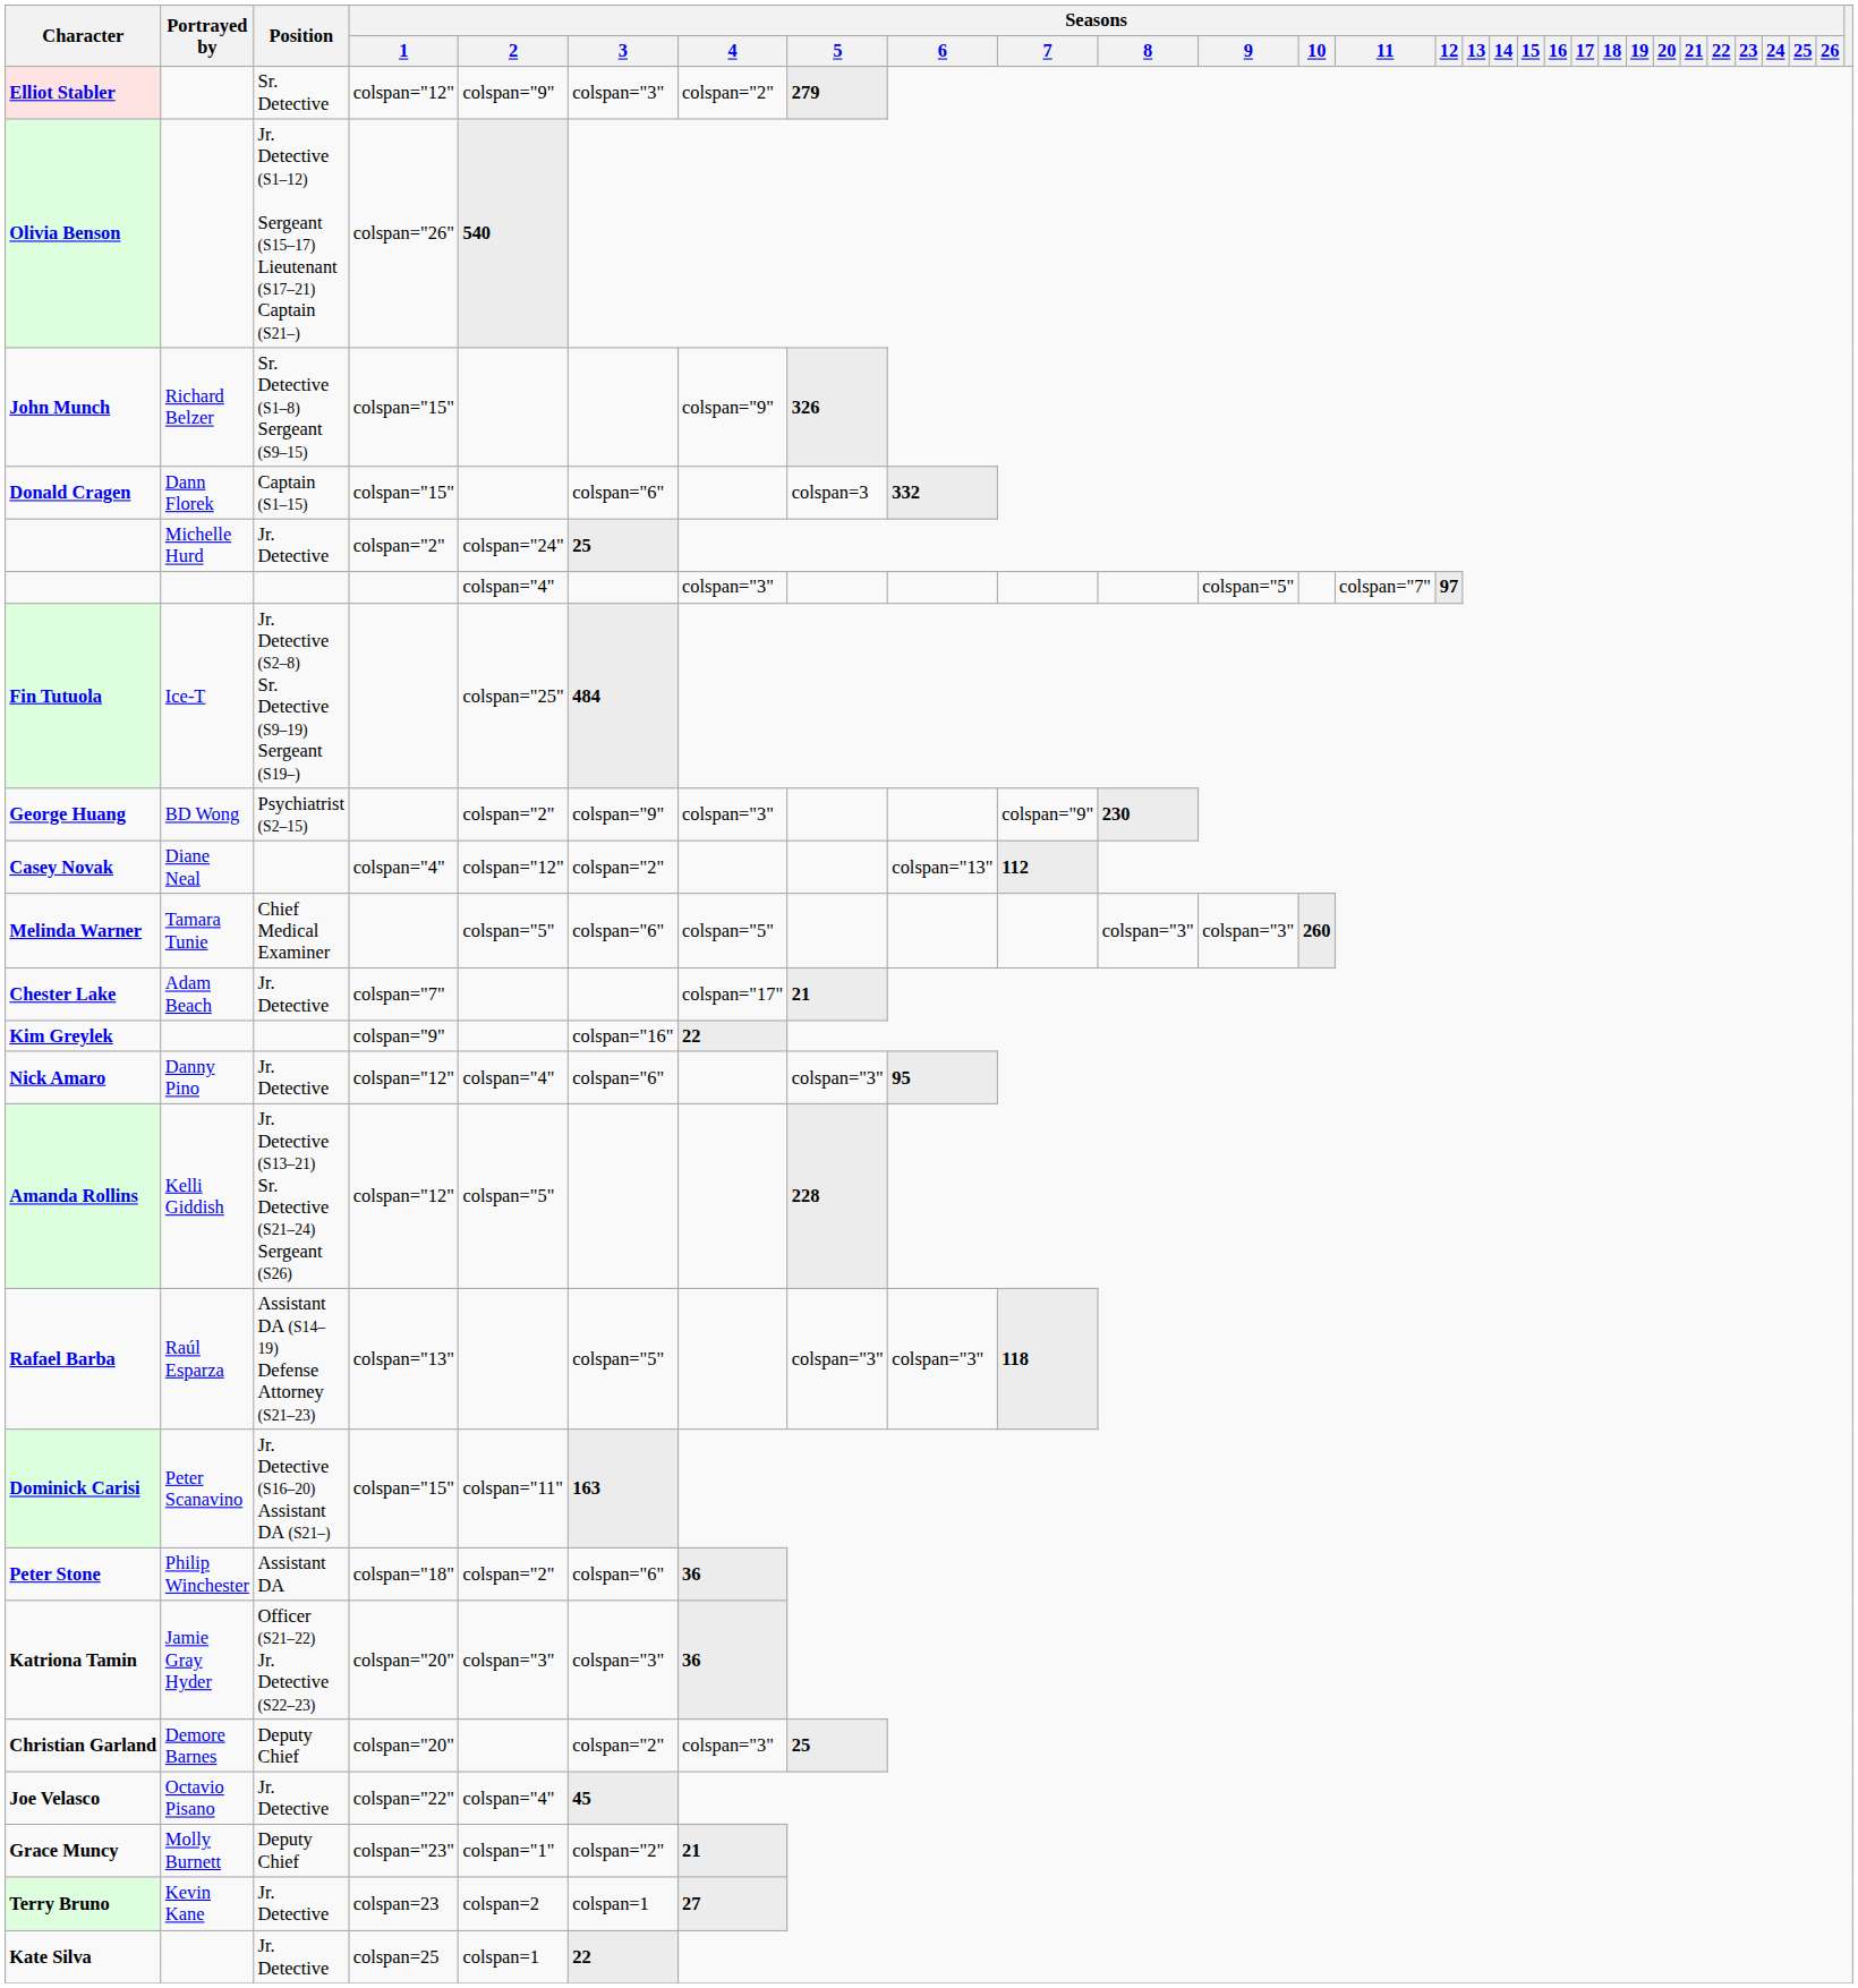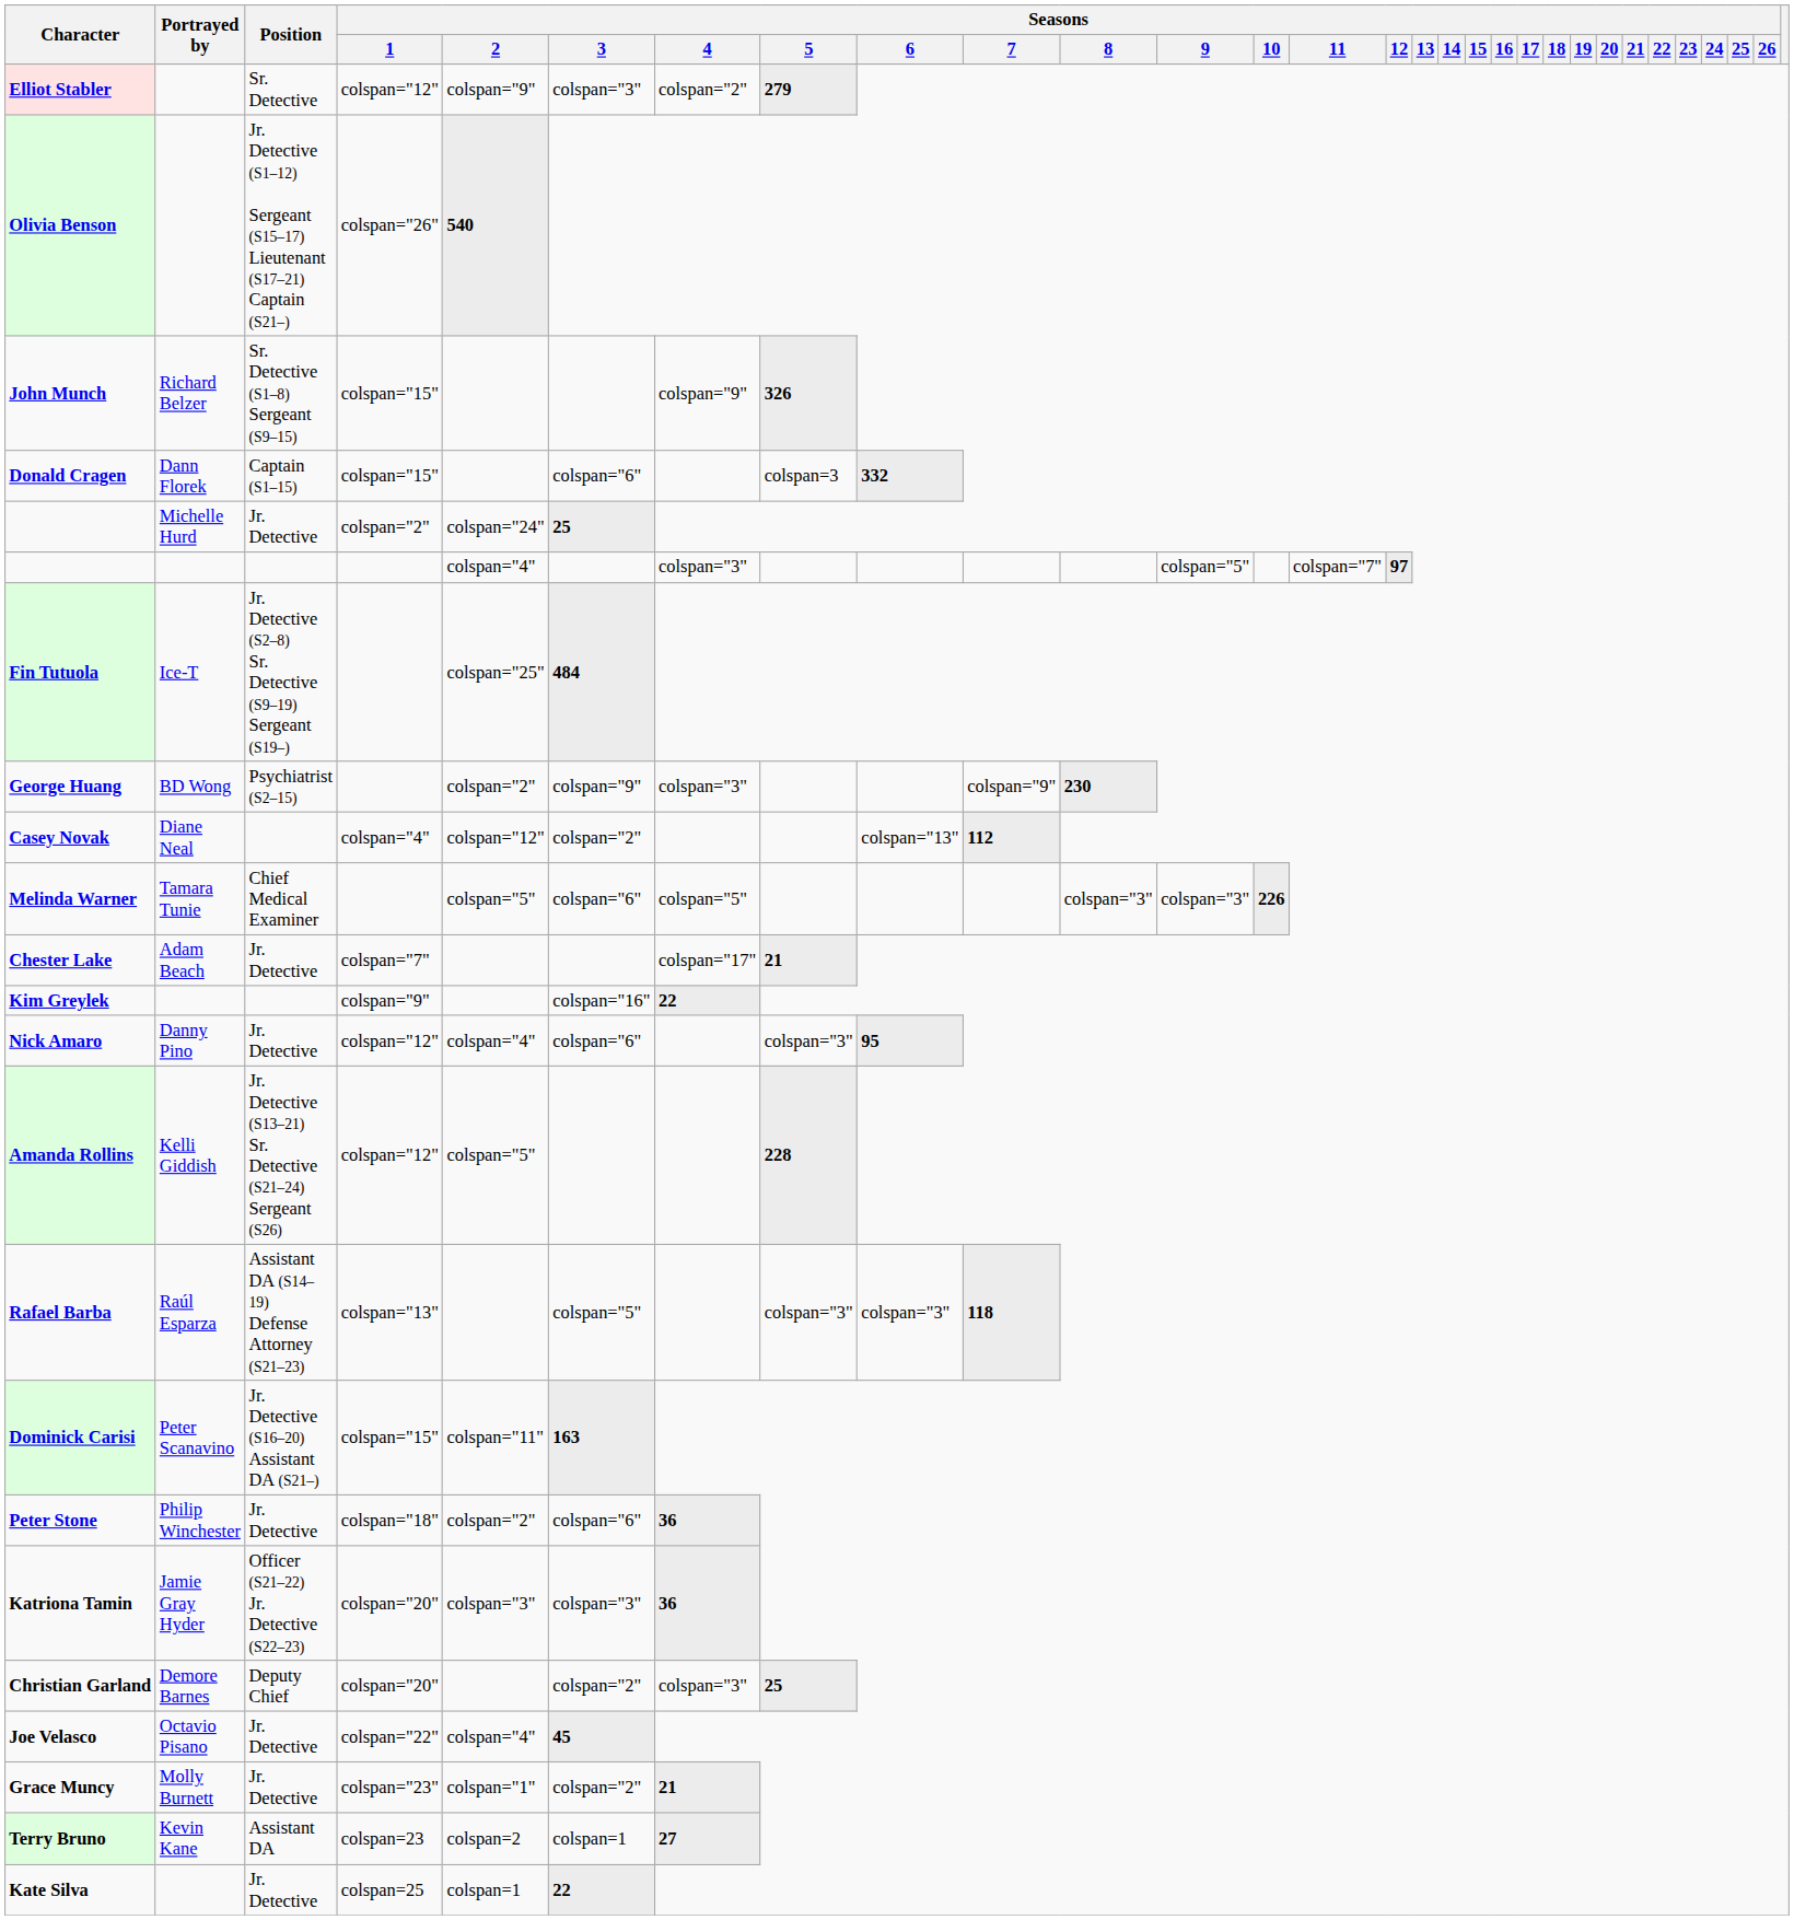 <table class="wikitable sortable" style="font-size:95%;">
 <tr>
 <th class="unsortable" rowspan="2">Character</th>
 <th class="unsortable" rowspan="2">Portrayed by</th>
 <th class="unsortable" rowspan="2">Position</th>
 <th rowspan="1" colspan="26">Seasons</th>
 <th rowspan="2" style="width:5%;"></th>
 </tr>
 <tr>
 <th ! class="unsortable" style="width:2.5%;"><a href='#'>1</a></th>
 <th class="unsortable" style="width:2.5%;"><a href='#'>2</a></th>
 <th class="unsortable" style="width:2.5%;"><a href='#'>3</a></th>
 <th class="unsortable" style="width:2.5%;"><a href='#'>4</a></th>
 <th class="unsortable" style="width:2.5%;"><a href='#'>5</a></th>
 <th class="unsortable" style="width:2.5%;"><a href='#'>6</a></th>
 <th class="unsortable" style="width:2.5%;"><a href='#'>7</a></th>
 <th class="unsortable" style="width:2.5%;"><a href='#'>8</a></th>
 <th class="unsortable" style="width:2.5%;"><a href='#'>9</a></th>
 <th class="unsortable" style="width:2.5%;"><a href='#'>10</a></th>
 <th class="unsortable" style="width:2.5%;"><a href='#'>11</a></th>
 <th class="unsortable" style="width:2.5%;"><a href='#'>12</a></th>
 <th class="unsortable" style="width:2.5%;"><a href='#'>13</a></th>
 <th class="unsortable" style="width:2.5%;"><a href='#'>14</a></th>
 <th class="unsortable" style="width:2.5%;"><a href='#'>15</a></th>
 <th class="unsortable" style="width:2.5%;"><a href='#'>16</a></th>
 <th class="unsortable" style="width:2.5%;"><a href='#'>17</a></th>
 <th class="unsortable" style="width:2.5%;"><a href='#'>18</a></th>
 <th class="unsortable" style="width:2.5%;"><a href='#'>19</a></th>
 <th class="unsortable" style="width:2.5%;"><a href='#'>20</a></th>
 <th class="unsortable" style="width:2.5%;"><a href='#'>21</a></th>
 <th class="unsortable" style="width:2.5%;"><a href='#'>22</a></th>
 <th class="unsortable" style="width:2.5%;"><a href='#'>23</a></th>
 <th class="unsortable" style="width:2.5%;"><a href='#'>24</a></th>
 <th class="unsortable" style="width:2.5%;"><a href='#'>25</a></th>
 <th class="unsortable" style="width:2.5%;"><a href='#'>26</a></th>
 </tr>
 <tr>
 <td style="background: #ffe3e3"><strong><a href='#'>Elliot Stabler</a></strong></td>
 <td></td>
 <td>Sr. Detective</td>
 <td>colspan="12" </td>
 <td>colspan="9" </td>
 <td>colspan="3" </td>
 <td>colspan="2" </td>
 <td style="background:#ececec;"><strong>279</strong></td>
 </tr>
 <tr>
 <td style="background:#dfd;"><strong><a href='#'>Olivia Benson</a></strong></td>
 <td></td>
 <td>Jr. Detective <small>(S1–12)</small><br><br>Sergeant <small>(S15–17)</small><br>Lieutenant <small>(S17–21)</small><br>Captain <small>(S21–)</small></td>
 <td>colspan="26" </td>
 <td style="background:#ececec;"><strong>540</strong></td>
 </tr>
 <tr>
 <td><strong><a href='#'>John Munch</a></strong></td>
 <td><a href='#'>Richard Belzer</a></td>
 <td>Sr. Detective <small>(S1–8)</small><br>Sergeant <small>(S9–15)</small></td>
 <td>colspan="15" </td>
 <td></td>
 <td></td>
 <td>colspan="9" </td>
 <td style="background:#ececec;"><strong>326</strong></td>
 </tr>
 <tr>
 <td><strong><a href='#'>Donald Cragen</a></strong></td>
 <td><a href='#'>Dann Florek</a></td>
 <td>Captain <small>(S1–15)</small></td>
 <td>colspan="15" </td>
 <td></td>
 <td>colspan="6" </td>
 <td></td>
 <td>colspan=3 </td>
 <td style="background:#ececec;"><strong>332</strong></td>
 </tr>
 <tr>
 <td></td>
 <td><a href='#'>Michelle Hurd</a></td>
 <td>Jr. Detective</td>
 <td>colspan="2" </td>
 <td>colspan="24" </td>
 <td style="background:#ececec;"><strong>25</strong></td>
 </tr>
 <tr>
 <td></td>
 <td></td>
 <td></td>
 <td></td>
 <td>colspan="4" </td>
 <td></td>
 <td>colspan="3" </td>
 <td></td>
 <td></td>
 <td></td>
 <td></td>
 <td>colspan="5" </td>
 <td></td>
 <td>colspan="7" </td>
 <td style="background:#ececec;"><strong>97</strong></td>
 </tr>
 <tr>
 <td style="background:#dfd;"><strong><a href='#'>Fin Tutuola</a></strong></td>
 <td><a href='#'>Ice-T</a></td>
 <td>Jr. Detective <small>(S2–8)</small><br>Sr. Detective <small>(S9–19)</small><br>Sergeant <small>(S19–)</small></td>
 <td></td>
 <td>colspan="25" </td>
 <td style="background:#ececec;"><strong>484</strong></td>
 </tr>
 <tr>
 <td><strong><a href='#'>George Huang</a></strong></td>
 <td><a href='#'>BD Wong</a></td>
 <td>Psychiatrist <small>(S2–15)</small></td>
 <td></td>
 <td>colspan="2" </td>
 <td>colspan="9" </td>
 <td>colspan="3" </td>
 <td></td>
 <td></td>
 <td>colspan="9" </td>
 <td style="background:#ececec;"><strong>230</strong></td>
 </tr>
 <tr>
 <td><strong><a href='#'>Casey Novak</a></strong></td>
 <td><a href='#'>Diane Neal</a></td>
 <td></td>
 <td>colspan="4" </td>
 <td>colspan="12" </td>
 <td>colspan="2" </td>
 <td></td>
 <td></td>
 <td>colspan="13" </td>
 <td style="background:#ececec;"><strong>112</strong></td>
 </tr>
 <tr>
 <td><strong><a href='#'>Melinda Warner</a></strong></td>
 <td><a href='#'>Tamara Tunie</a></td>
 <td>Chief Medical Examiner</td>
 <td></td>
 <td>colspan="5" </td>
 <td>colspan="6" </td>
 <td>colspan="5" </td>
 <td></td>
 <td></td>
 <td></td>
 <td>colspan="3" </td>
 <td>colspan="3" </td>
-<td style="background:#ececec;"><strong>260</strong></td>
+<td style="background:#ececec;"><strong>226</strong></td>
 </tr>
 <tr>
 <td><strong><a href='#'>Chester Lake</a></strong></td>
 <td><a href='#'>Adam Beach</a></td>
 <td>Jr. Detective</td>
 <td>colspan="7" </td>
 <td></td>
 <td></td>
 <td>colspan="17" </td>
 <td style="background:#ececec; color:black;"><strong>21</strong></td>
 </tr>
 <tr>
 <td><strong><a href='#'>Kim Greylek</a></strong></td>
 <td></td>
 <td></td>
 <td>colspan="9" </td>
 <td></td>
 <td>colspan="16" </td>
 <td style="background:#ececec;"><strong>22</strong></td>
 </tr>
 <tr>
 <td><strong><a href='#'>Nick Amaro</a></strong></td>
 <td><a href='#'>Danny Pino</a></td>
 <td>Jr. Detective</td>
 <td>colspan="12" </td>
 <td>colspan="4" </td>
 <td>colspan="6" </td>
 <td></td>
 <td>colspan="3" </td>
 <td style="background:#ececec;"><strong>95</strong></td>
 </tr>
 <tr>
 <td style="background: #dfd"><strong><a href='#'>Amanda Rollins</a></strong></td>
 <td><a href='#'>Kelli Giddish</a></td>
 <td>Jr. Detective <small>(S13–21)</small><br>Sr. Detective <small>(S21–24)</small><br>Sergeant <small>(S26)</small></td>
 <td>colspan="12" </td>
 <td>colspan="5" </td>
 <td></td>
 <td></td>
 <td style="background:#ececec;"><strong>228</strong></td>
 </tr>
 <tr>
 <td><strong><a href='#'>Rafael Barba</a></strong></td>
 <td><a href='#'>Raúl Esparza</a></td>
 <td>Assistant DA <small>(S14–19)</small><br>Defense Attorney <small>(S21–23)</small></td>
 <td>colspan="13" </td>
 <td></td>
 <td>colspan="5" </td>
 <td></td>
 <td>colspan="3" </td>
 <td>colspan="3" </td>
 <td style="background:#ececec;"><strong>118</strong></td>
 </tr>
 <tr>
 <td style="background:#dfd; white-space:nowrap;"><strong><a href='#'>Dominick Carisi</a></strong></td>
 <td><a href='#'>Peter Scanavino</a></td>
 <td>Jr. Detective <small>(S16–20)</small><br>Assistant DA <small>(S21–)</small></td>
 <td>colspan="15" </td>
 <td>colspan="11" </td>
 <td style="background:#ececec;"><strong>163</strong></td>
 </tr>
 <tr>
 <td style=white-space:nowrap><strong><a href='#'>Peter Stone</a></strong></td>
 <td><a href='#'>Philip Winchester</a></td>
-<td>Assistant DA</td>
+<td>Jr. Detective</td>
 <td>colspan="18" </td>
 <td>colspan="2" </td>
 <td>colspan="6" </td>
 <td style="background:#ececec;"><strong>36</strong></td>
 </tr>
 <tr>
 <td style=white-space:nowrap><strong>Katriona Tamin</strong></td>
 <td><a href='#'>Jamie Gray Hyder</a></td>
 <td>Officer <small>(S21–22)</small><br>Jr. Detective <small>(S22–23)</small></td>
 <td>colspan="20" </td>
 <td>colspan="3" </td>
 <td>colspan="3" </td>
 <td style="background:#ececec;"><strong>36</strong></td>
 </tr>
 <tr>
 <td style=white-space:nowrap><strong>Christian Garland</strong></td>
 <td><a href='#'>Demore Barnes</a></td>
 <td>Deputy Chief</td>
 <td>colspan="20" </td>
 <td></td>
 <td>colspan="2" </td>
 <td>colspan="3" </td>
 <td style="background:#ececec;"><strong>25</strong></td>
 </tr>
 <tr>
 <td><strong>Joe Velasco</strong></td>
 <td><a href='#'>Octavio Pisano</a></td>
 <td>Jr. Detective</td>
 <td>colspan="22" </td>
 <td>colspan="4" </td>
 <td style="background:#ececec;"><strong>45</strong></td>
 </tr>
 <tr>
 <td style=white-space:nowrap><strong>Grace Muncy</strong></td>
 <td><a href='#'>Molly Burnett</a></td>
-<td>Deputy Chief</td>
+<td>Jr. Detective</td>
 <td>colspan="23" </td>
 <td>colspan="1" </td>
 <td>colspan="2" </td>
 <td style="background:#ececec;"><strong>21</strong></td>
 </tr>
 <tr>
 <td style="background:#dfd;"><strong>Terry Bruno</strong></td>
 <td><a href='#'>Kevin Kane</a></td>
-<td>Jr. Detective</td>
+<td>Assistant DA</td>
 <td>colspan=23 </td>
 <td>colspan=2 </td>
 <td>colspan=1 </td>
 <td style="background:#ececec;"><strong>27</strong></td>
 </tr>
 <tr>
 <td><strong>Kate Silva</strong></td>
 <td></td>
 <td>Jr. Detective</td>
 <td>colspan=25 </td>
 <td>colspan=1 </td>
 <td style="background:#ececec;"><strong>22</strong></td>
 </tr>
 </table>
